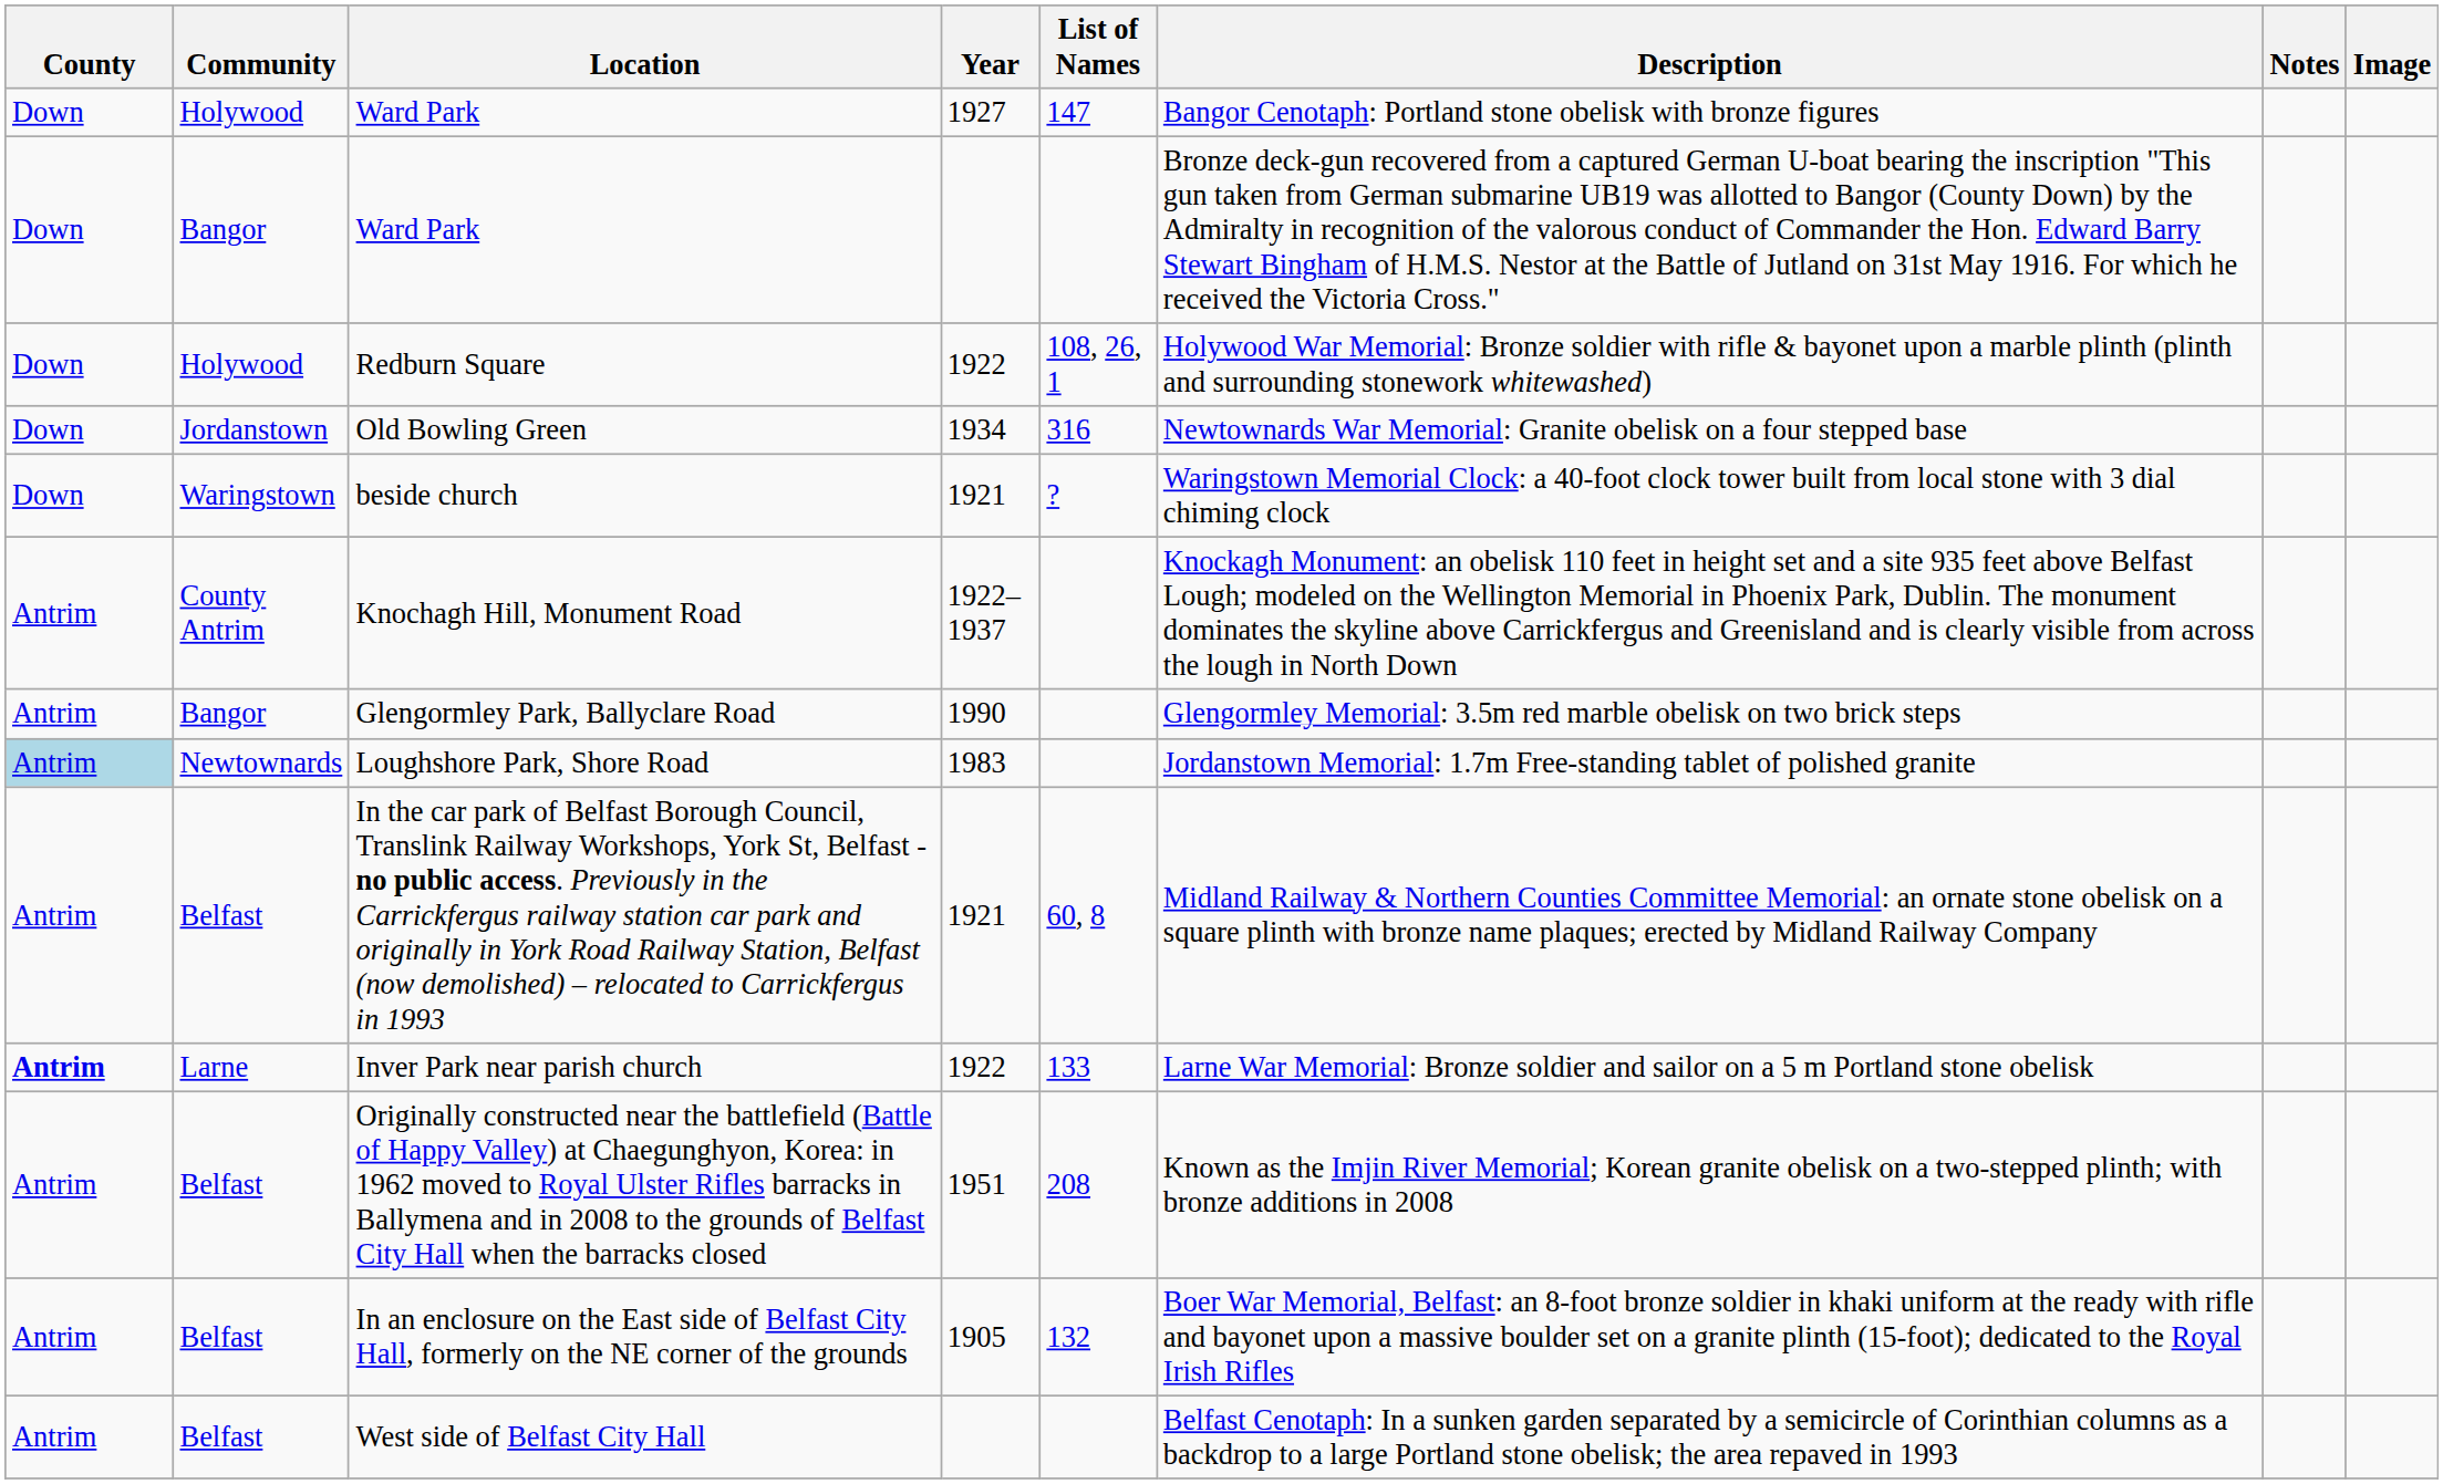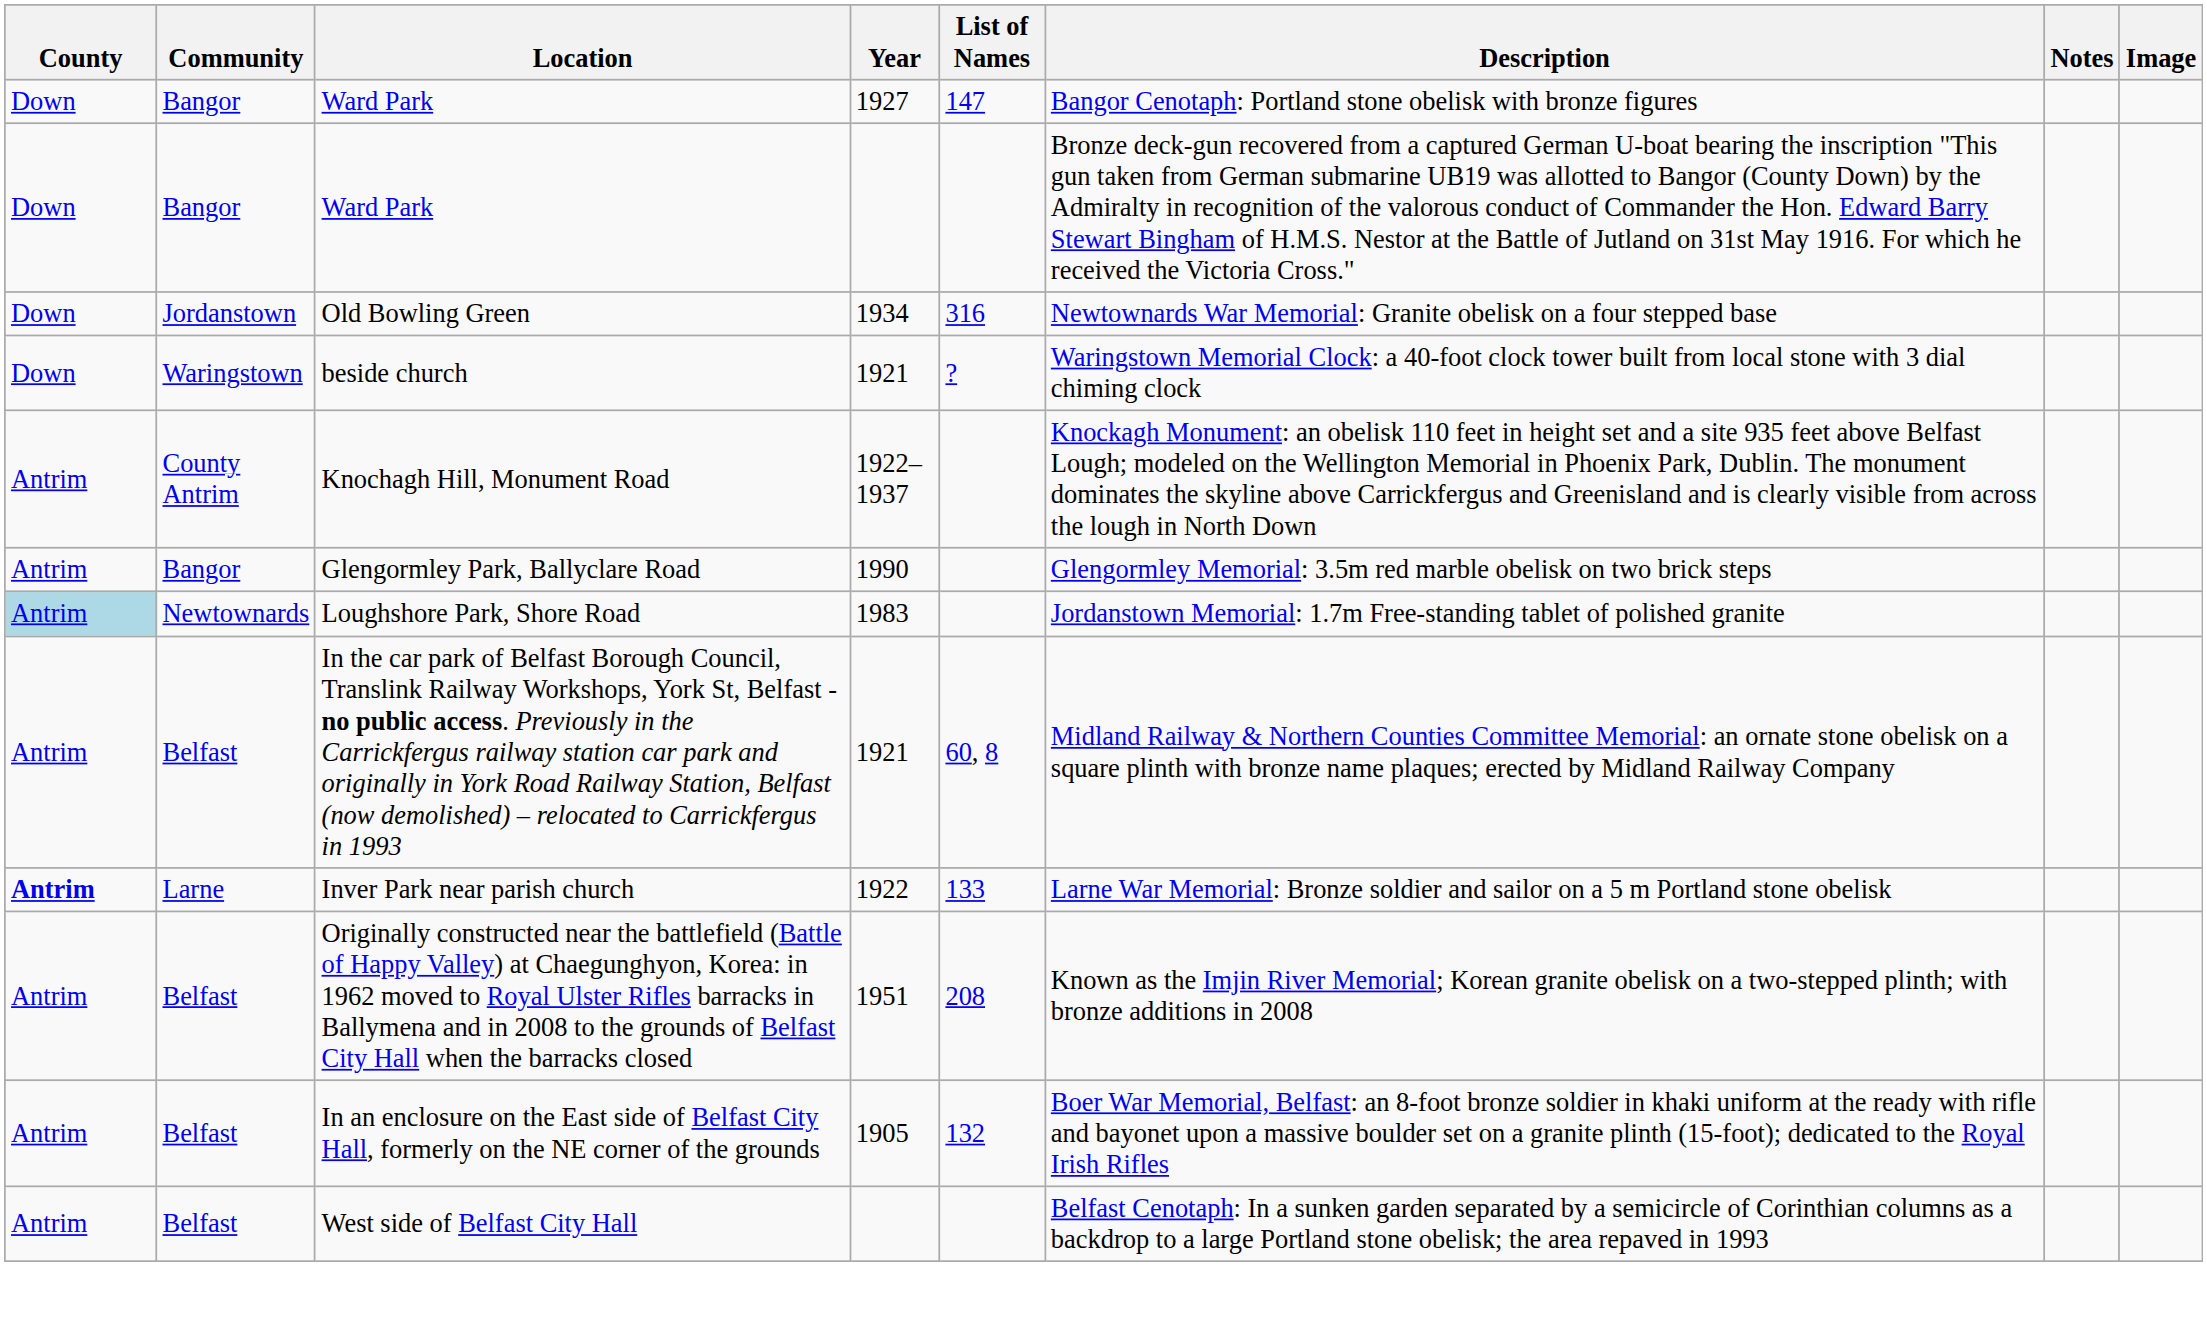 <table class="wikitable sortable"  style="margin:auto; padding:5px; font-size:95%; text-align:left;">
 <tr>
 <th style="vertical-align: bottom; width: 80px;">County</th>
 <th style="vertical-align: bottom; width: 80px;">Community</th>
 <th style="vertical-align: bottom; width: 300px;" class="unsortable">Location</th>
 <th style="vertical-align: bottom;">Year</th>
 <th style="vertical-align: bottom;" class="unsortable">List of Names</th>
 <th style="vertical-align: bottom;" class="unsortable">Description</th>
 <th style="vertical-align: bottom;" class="unsortable">Notes</th>
 <th style="vertical-align: bottom;" class="unsortable">Image</th>
 </tr>
 <tr>
 <td><a href='#'>Down</a></td>
-<td><a href='#'>Holywood</a></td>
+<td><a href='#'>Bangor</a></td>
 <td><a href='#'>Ward Park</a></td>
 <td>1927</td>
 <td><a href='#'>147</a></td>
 <td><a href='#'>Bangor Cenotaph</a>: Portland stone obelisk with bronze figures</td>
 <td></td>
 <td></td>
 </tr>
 <tr>
 <td><a href='#'>Down</a></td>
 <td><a href='#'>Bangor</a></td>
 <td><a href='#'>Ward Park</a></td>
 <td></td>
 <td></td>
 <td>Bronze deck-gun recovered from a captured German U-boat bearing the inscription "This gun taken from German submarine UB19 was allotted to Bangor (County Down) by the Admiralty in recognition of the valorous conduct of Commander the Hon. <a href='#'>Edward Barry Stewart Bingham</a> of H.M.S. Nestor at the Battle of Jutland on 31st May 1916. For which he received the Victoria Cross."</td>
-<td></td>
-<td></td>
-</tr>
-<tr>
-<td><a href='#'>Down</a></td>
-<td><a href='#'>Holywood</a></td>
-<td>Redburn Square</td>
-<td>1922</td>
-<td><a href='#'>108</a>, <a href='#'>26</a>, <a href='#'>1</a></td>
-<td><a href='#'>Holywood War Memorial</a>: Bronze soldier with rifle & bayonet upon a marble plinth (plinth and surrounding stonework <em>whitewashed</em>)</td>
 <td></td>
 <td></td>
 </tr>
 <tr>
 <td><a href='#'>Down</a></td>
 <td><a href='#'>Jordanstown</a></td>
 <td>Old Bowling Green</td>
 <td>1934</td>
 <td><a href='#'>316</a></td>
 <td><a href='#'>Newtownards War Memorial</a>: Granite obelisk on a four stepped base</td>
 <td></td>
 <td></td>
 </tr>
 <tr>
 <td><a href='#'>Down</a></td>
 <td><a href='#'>Waringstown</a></td>
 <td>beside church</td>
 <td>1921</td>
 <td><a href='#'>?</a></td>
 <td><a href='#'>Waringstown Memorial Clock</a>: a 40-foot clock tower built from local stone with 3 dial chiming clock</td>
 <td></td>
 <td></td>
 </tr>
 <tr>
 <td><a href='#'>Antrim</a></td>
 <td><a href='#'>County Antrim</a></td>
 <td>Knochagh Hill, Monument Road</td>
 <td>1922–1937</td>
 <td></td>
 <td><a href='#'>Knockagh Monument</a>: an obelisk 110 feet in height set and a site 935 feet above Belfast Lough; modeled on the Wellington Memorial in Phoenix Park, Dublin. The monument dominates the skyline above Carrickfergus and Greenisland and is clearly visible from across the lough in North Down</td>
 <td><br> </td>
 <td></td>
 </tr>
 <tr>
 <td><a href='#'>Antrim</a></td>
 <td><a href='#'>Bangor</a></td>
 <td>Glengormley Park, Ballyclare Road</td>
 <td>1990</td>
 <td></td>
 <td><a href='#'>Glengormley Memorial</a>: 3.5m red marble obelisk on two brick steps</td>
 <td></td>
 <td></td>
 </tr>
 <tr>
 <td style="background: lightblue;"><a href='#'>Antrim</a></td>
 <td><a href='#'>Newtownards</a></td>
 <td>Loughshore Park, Shore Road</td>
 <td>1983</td>
 <td></td>
 <td><a href='#'>Jordanstown Memorial</a>: 1.7m Free-standing tablet of polished granite</td>
 <td></td>
 <td></td>
 </tr>
 <tr>
 <td><a href='#'>Antrim</a></td>
 <td><a href='#'>Belfast</a></td>
 <td>In the car park of Belfast Borough Council, Translink Railway Workshops, York St, Belfast - <strong>no public access</strong>. <em>Previously in the Carrickfergus railway station car park and originally in York Road Railway Station, Belfast (now demolished) – relocated to Carrickfergus in 1993</em></td>
 <td>1921</td>
 <td><a href='#'>60</a>, <a href='#'>8</a></td>
 <td><a href='#'>Midland Railway & Northern Counties Committee Memorial</a>: an ornate stone obelisk on a square plinth with bronze name plaques; erected by Midland Railway Company</td>
 <td></td>
 <td></td>
 </tr>
 <tr>
 <td><strong><a href='#'>Antrim</a></strong></td>
 <td><a href='#'>Larne</a></td>
 <td>Inver Park near parish church</td>
 <td>1922</td>
 <td><a href='#'>133</a></td>
 <td><a href='#'>Larne War Memorial</a>: Bronze soldier and sailor on a 5 m Portland stone obelisk</td>
 <td></td>
 <td></td>
 </tr>
 <tr>
 <td><a href='#'>Antrim</a></td>
 <td><a href='#'>Belfast</a></td>
 <td>Originally constructed near the battlefield (<a href='#'>Battle of Happy Valley</a>) at Chaegunghyon, Korea: in 1962 moved to <a href='#'>Royal Ulster Rifles</a> barracks in Ballymena and in 2008 to the grounds of <a href='#'>Belfast City Hall</a> when the barracks closed</td>
 <td>1951</td>
 <td><a href='#'>208</a></td>
 <td>Known as the <a href='#'>Imjin River Memorial</a>; Korean granite obelisk on a two-stepped plinth; with bronze additions in 2008</td>
 <td></td>
 <td></td>
 </tr>
 <tr>
 <td><a href='#'>Antrim</a></td>
 <td><a href='#'>Belfast</a></td>
 <td>In an enclosure on the East side of <a href='#'>Belfast City Hall</a>, formerly on the NE corner of the grounds</td>
 <td>1905</td>
 <td><a href='#'>132</a></td>
 <td><a href='#'>Boer War Memorial, Belfast</a>: an 8-foot bronze soldier in khaki uniform at the ready with rifle and bayonet upon a massive boulder set on a granite plinth (15-foot); dedicated to the <a href='#'>Royal Irish Rifles</a></td>
 <td></td>
 <td></td>
 </tr>
 <tr>
 <td><a href='#'>Antrim</a></td>
 <td><a href='#'>Belfast</a></td>
 <td>West side of <a href='#'>Belfast City Hall</a></td>
 <td></td>
 <td></td>
 <td><a href='#'>Belfast Cenotaph</a>: In a sunken garden separated by a semicircle of Corinthian columns as a backdrop to a large Portland stone obelisk; the area repaved in 1993</td>
 <td></td>
 <td></td>
 </tr>
 </table>
